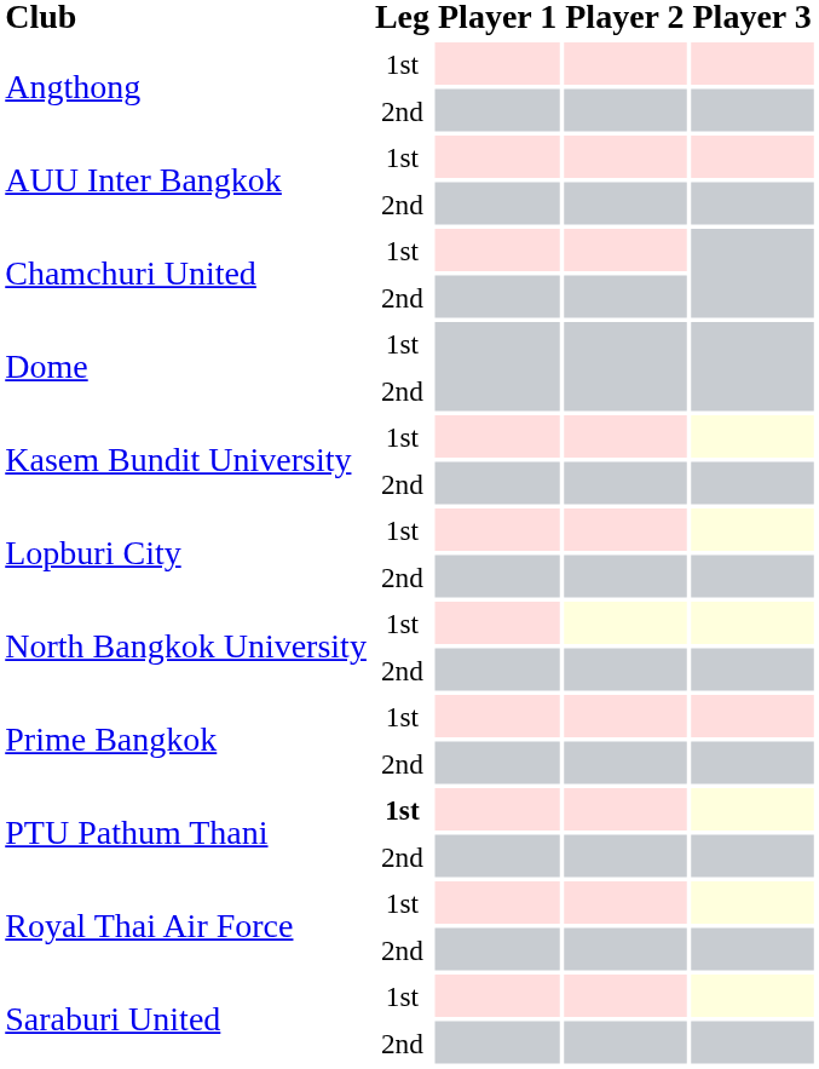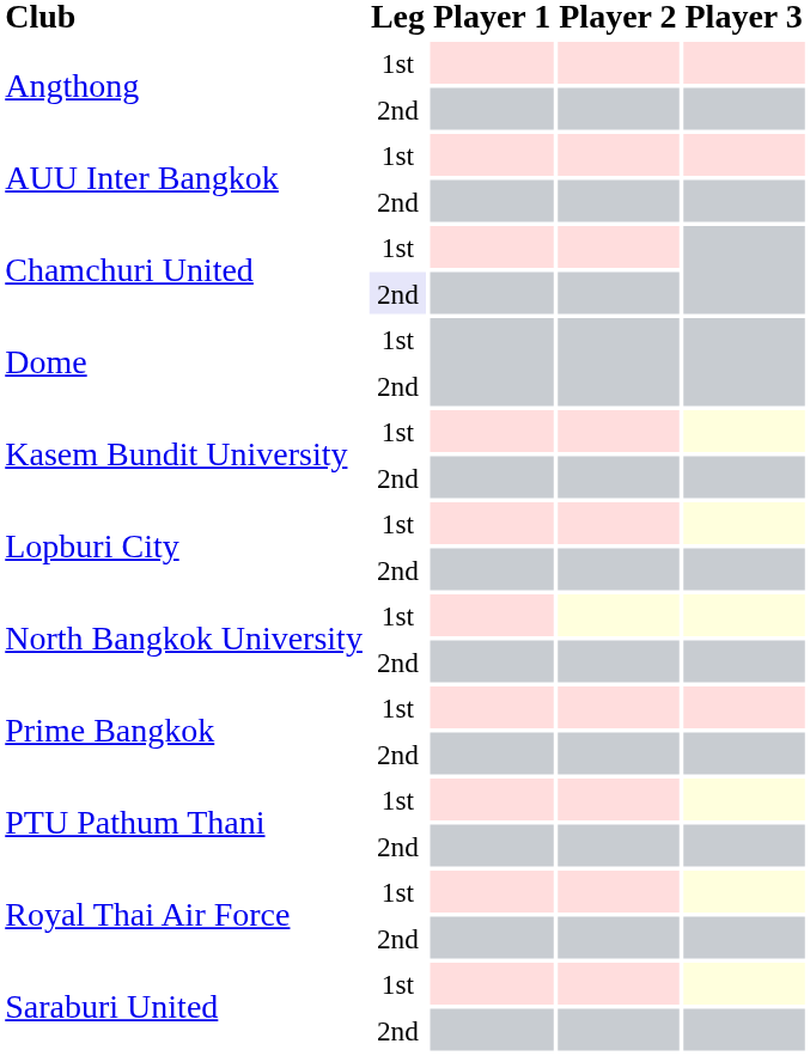 <table class="sortable" style="text-align:left">
 <tr>
 <th>Club</th>
 <th>Leg</th>
 <th>Player 1</th>
 <th>Player 2</th>
 <th>Player 3</th>
 </tr>
 <tr>
 <td rowspan="2"><a href='#'>Angthong</a></td>
 <td align="center"><small>1st</small></td>
 <td bgcolor="#ffdddd"></td>
 <td bgcolor="#ffdddd"></td>
 <td bgcolor="#ffdddd"></td>
 </tr>
 <tr>
 <td align="center"><small>2nd</small></td>
 <td bgcolor="#c8ccd1"></td>
 <td bgcolor="#c8ccd1"></td>
 <td bgcolor="#c8ccd1"></td>
 </tr>
 <tr>
 <td rowspan="2"><a href='#'>AUU Inter Bangkok</a></td>
 <td align="center"><small>1st</small></td>
 <td bgcolor="#ffdddd"></td>
 <td bgcolor="#ffdddd"></td>
 <td bgcolor="#ffdddd"></td>
 </tr>
 <tr>
 <td align="center"><small>2nd</small></td>
 <td bgcolor="#c8ccd1"></td>
 <td bgcolor="#c8ccd1"></td>
 <td bgcolor="#c8ccd1"></td>
 </tr>
 <tr>
 <td rowspan="2"><a href='#'>Chamchuri United</a></td>
 <td align="center"><small>1st</small></td>
 <td bgcolor="#ffdddd"></td>
 <td bgcolor="#ffdddd"></td>
 <td bgcolor="#c8ccd1"rowspan="2"></td>
 </tr>
 <tr>
-<td align="center"><small>2nd</small></td>
+<td align="center" style="background: lavender;"><small>2nd</small></td>
 <td bgcolor="#c8ccd1"></td>
 <td bgcolor="#c8ccd1"></td>
 </tr>
 <tr>
 <td rowspan="2"><a href='#'>Dome</a></td>
 <td align="center"><small>1st</small></td>
 <td bgcolor="#c8ccd1"rowspan="2"></td>
 <td bgcolor="#c8ccd1"rowspan="2"></td>
 <td bgcolor="#c8ccd1"rowspan="2"></td>
 </tr>
 <tr>
 <td align="center"><small>2nd</small></td>
 </tr>
 <tr>
 <td rowspan="2"><a href='#'>Kasem Bundit University</a></td>
 <td align="center"><small>1st</small></td>
 <td bgcolor="#ffdddd"></td>
 <td bgcolor="#ffdddd"></td>
 <td bgcolor="#ffffdd"></td>
 </tr>
 <tr>
 <td align="center"><small>2nd</small></td>
 <td bgcolor="#c8ccd1"></td>
 <td bgcolor="#c8ccd1"></td>
 <td bgcolor="#c8ccd1"></td>
 </tr>
 <tr>
 <td rowspan="2"><a href='#'>Lopburi City</a></td>
 <td align="center"><small>1st</small></td>
 <td bgcolor="#ffdddd"></td>
 <td bgcolor="#ffdddd"></td>
 <td bgcolor="#ffffdd"></td>
 </tr>
 <tr>
 <td align="center"><small>2nd</small></td>
 <td bgcolor="#c8ccd1"></td>
 <td bgcolor="#c8ccd1"></td>
 <td bgcolor="#c8ccd1"></td>
 </tr>
 <tr>
 <td rowspan="2"><a href='#'>North Bangkok University</a></td>
 <td align="center"><small>1st</small></td>
 <td bgcolor="#ffdddd"></td>
 <td bgcolor="#ffffdd"></td>
 <td bgcolor="#ffffdd"></td>
 </tr>
 <tr>
 <td align="center"><small>2nd</small></td>
 <td bgcolor="#c8ccd1"></td>
 <td bgcolor="#c8ccd1"></td>
 <td bgcolor="#c8ccd1"></td>
 </tr>
 <tr>
 <td rowspan="2"><a href='#'>Prime Bangkok</a></td>
 <td align="center"><small>1st</small></td>
 <td bgcolor="#ffdddd"></td>
 <td bgcolor="#ffdddd"></td>
 <td bgcolor="#ffdddd"></td>
 </tr>
 <tr>
 <td align="center"><small>2nd</small></td>
 <td bgcolor="#c8ccd1"></td>
 <td bgcolor="#c8ccd1"></td>
 <td bgcolor="#c8ccd1"></td>
 </tr>
 <tr>
 <td rowspan="2"><a href='#'>PTU Pathum Thani</a></td>
-<td align="center"><strong><small>1st</small></strong></td>
+<td align="center"><small>1st</small></td>
 <td bgcolor="#ffdddd"></td>
 <td bgcolor="#ffdddd"></td>
 <td bgcolor="#ffffdd"></td>
 </tr>
 <tr>
 <td align="center"><small>2nd</small></td>
 <td bgcolor="#c8ccd1"></td>
 <td bgcolor="#c8ccd1"></td>
 <td bgcolor="#c8ccd1"></td>
 </tr>
 <tr>
 <td rowspan="2"><a href='#'>Royal Thai Air Force</a></td>
 <td align="center"><small>1st</small></td>
 <td bgcolor="#ffdddd"></td>
 <td bgcolor="#ffdddd"></td>
 <td bgcolor="#ffffdd"></td>
 </tr>
 <tr>
 <td align="center"><small>2nd</small></td>
 <td bgcolor="#c8ccd1"></td>
 <td bgcolor="#c8ccd1"></td>
 <td bgcolor="#c8ccd1"></td>
 </tr>
 <tr>
 <td rowspan="2"><a href='#'>Saraburi United</a></td>
 <td align="center"><small>1st</small></td>
 <td bgcolor="#ffdddd"></td>
 <td bgcolor="#ffdddd"></td>
 <td bgcolor="#ffffdd"></td>
 </tr>
 <tr>
 <td align="center"><small>2nd</small></td>
 <td bgcolor="#c8ccd1"></td>
 <td bgcolor="#c8ccd1"></td>
 <td bgcolor="#c8ccd1"></td>
 </tr>
 </table>
